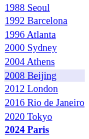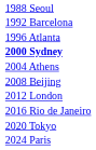 <table>
 <tr>
 <td><a href='#'>1988 Seoul</a><br></td>
 <td></td>
 <td></td>
 <td></td>
 </tr>
 <tr valign="top">
 <td><a href='#'>1992 Barcelona</a><br></td>
 <td></td>
 <td></td>
 <td></td>
 </tr>
 <tr>
 <td><a href='#'>1996 Atlanta</a><br></td>
 <td></td>
 <td></td>
 <td></td>
 </tr>
 <tr>
-<td><a href='#'>2000 Sydney</a><br></td>
+<td><strong><a href='#'>2000 Sydney</a><br></strong></td>
 <td></td>
 <td></td>
 <td></td>
 </tr>
 <tr>
 <td><a href='#'>2004 Athens</a><br></td>
 <td></td>
 <td></td>
 <td></td>
 </tr>
 <tr>
-<td style="background: lavender;"><a href='#'>2008 Beijing</a><br></td>
+<td><a href='#'>2008 Beijing</a><br></td>
 <td></td>
 <td></td>
 <td></td>
 </tr>
 <tr>
 <td><a href='#'>2012 London</a><br></td>
 <td></td>
 <td></td>
 <td></td>
 </tr>
 <tr>
 <td><a href='#'>2016 Rio de Janeiro</a><br></td>
 <td></td>
 <td></td>
 <td></td>
 </tr>
 <tr>
 <td><a href='#'>2020 Tokyo</a><br></td>
 <td></td>
 <td></td>
 <td></td>
 </tr>
 <tr>
-<td><strong><a href='#'>2024 Paris</a><br></strong></td>
+<td><a href='#'>2024 Paris</a><br></td>
 <td></td>
 <td></td>
 <td></td>
 </tr>
 <tr>
 </tr>
 </table>
